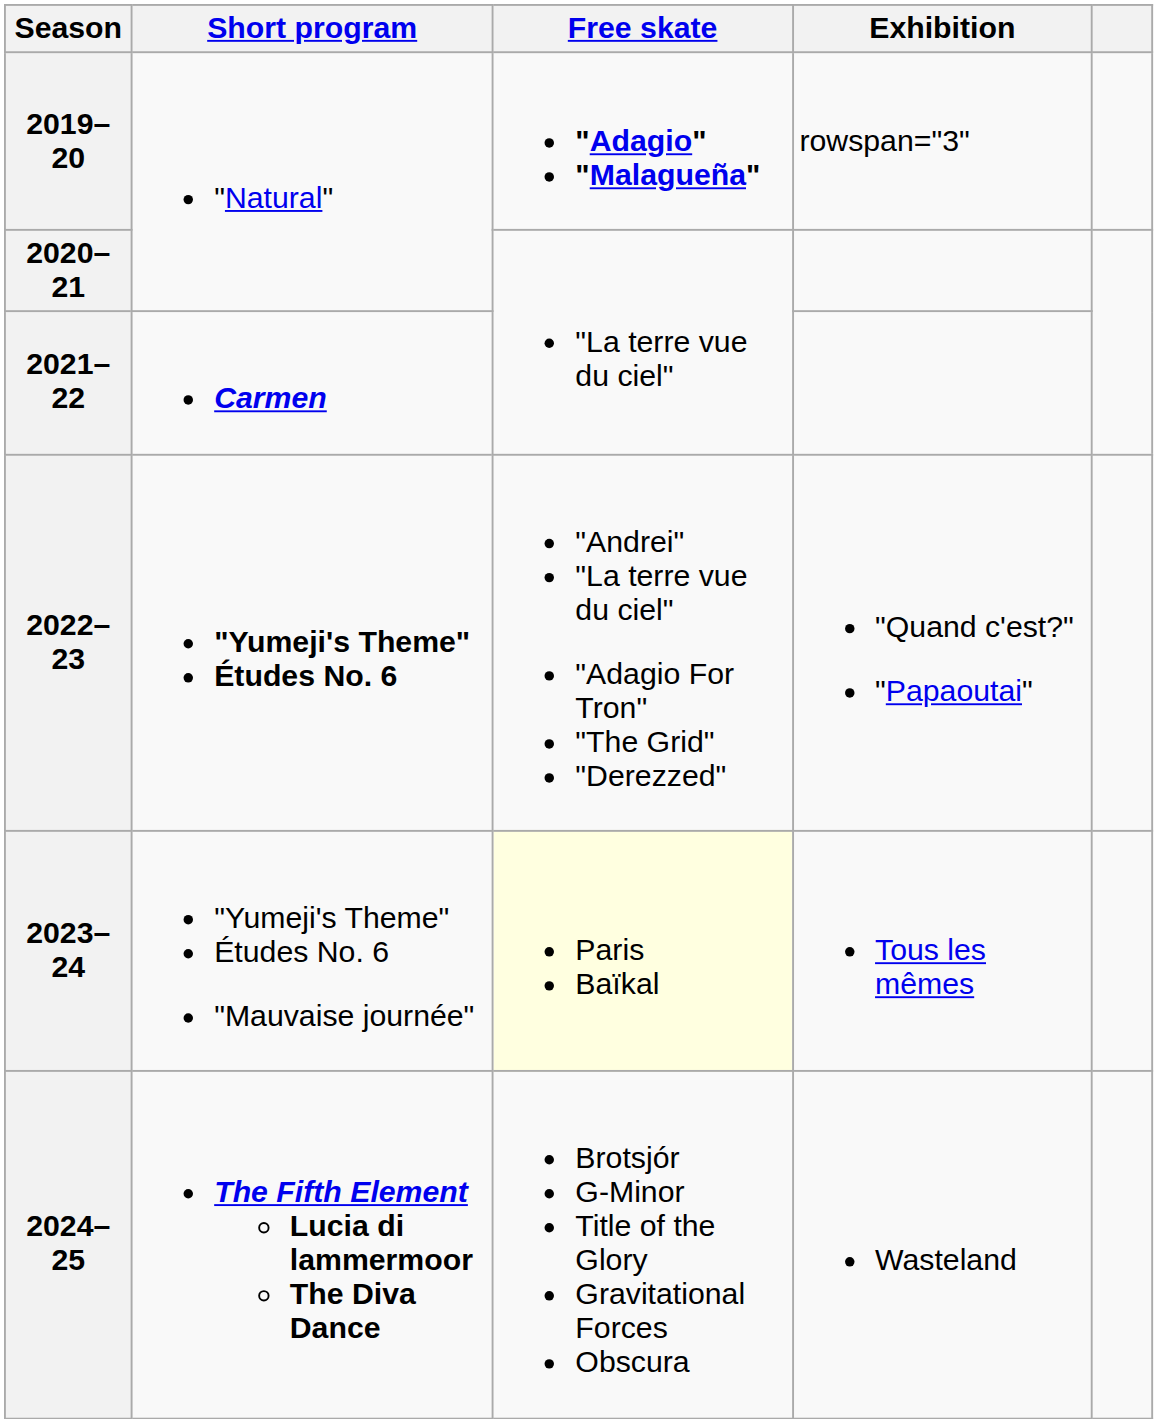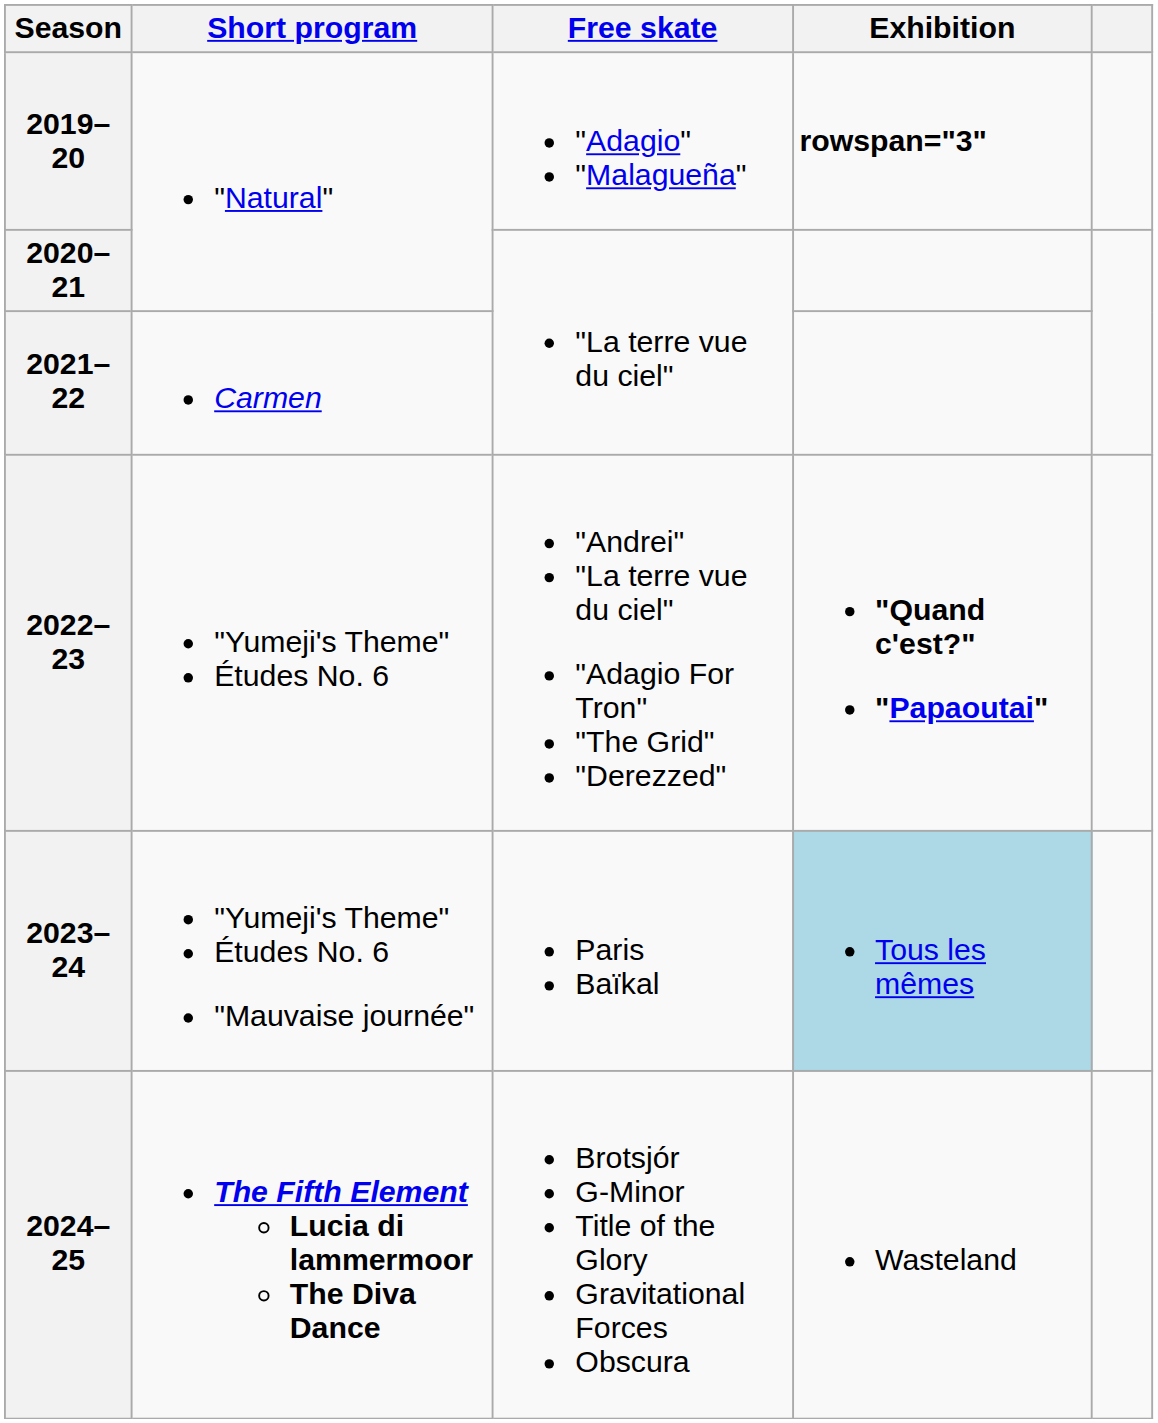 <table class="wikitable unsortable" style="text-align:left">
 <tr>
 <th scope="col" style="text-align:center; width:10%">Season</th>
 <th scope="col" style="text-align:center; width:25%"><a href='#'>Short program</a></th>
 <th scope="col" style="text-align:center; width:25%"><a href='#'>Free skate</a></th>
 <th scope="col" style="text-align:center; width:25%">Exhibition</th>
 <th scope="col" style="text-align:center; width:5%"></th>
 </tr>
 <tr>
 <th scope="row">2019–20</th>
 <td rowspan="2"><br><ul><li>"<a href='#'>Natural</a>"<br></li></ul></td>
-<td><strong><br><ul><li>"<a href='#'>Adagio</a>"<br></li><li>"<a href='#'>Malagueña</a>"<br></li></ul></strong></td>
-<td>rowspan="3" </td>
+<td><br><ul><li>"<a href='#'>Adagio</a>"<br></li><li>"<a href='#'>Malagueña</a>"<br></li></ul></td>
+<td><strong>rowspan="3" </strong></td>
 <td></td>
 </tr>
 <tr>
 <th scope="row">2020–21</th>
 <td rowspan="2"><br><ul><li>"La terre vue du ciel"<br></li></ul></td>
 <td></td>
 </tr>
 <tr>
 <th scope="row">2021–22</th>
-<td><strong><br><ul><li><em><a href='#'>Carmen</a></em><br></li></ul></strong></td>
+<td><br><ul><li><em><a href='#'>Carmen</a></em><br></li></ul></td>
 <td></td>
 </tr>
 <tr>
 <th scope="row">2022–23</th>
-<td><strong><br><ul><li>"Yumeji's Theme"<br></li><li>Études No. 6<br></li></ul></strong></td>
+<td><br><ul><li>"Yumeji's Theme"<br></li><li>Études No. 6<br></li></ul></td>
 <td><br><ul><li>"Andrei"</li><li>"La terre vue du ciel"<br></li></ul><ul><li>"Adagio For Tron"</li><li>"The Grid"</li><li>"Derezzed"<br></li></ul></td>
-<td><br><ul><li>"Quand c'est?"<br></li></ul><ul><li>"<a href='#'>Papaoutai</a>"<br></li></ul></td>
+<td><strong><br><ul><li>"Quand c'est?"<br></li></ul><ul><li>"<a href='#'>Papaoutai</a>"<br></li></ul></strong></td>
 <td></td>
 </tr>
 <tr>
 <th scope="row">2023–24</th>
 <td><br><ul><li>"Yumeji's Theme"<br></li><li>Études No. 6<br></li></ul><ul><li>"Mauvaise journée"<br></li></ul></td>
-<td style="background: lightyellow;"><br><ul><li>Paris<br></li><li>Baïkal<br></li></ul></td>
-<td><br><ul><li><a href='#'>Tous les mêmes</a><br></li></ul></td>
+<td><br><ul><li>Paris<br></li><li>Baïkal<br></li></ul></td>
+<td style="background: lightblue;"><br><ul><li><a href='#'>Tous les mêmes</a><br></li></ul></td>
 <td></td>
 </tr>
 <tr>
 <th scope="row">2024–25</th>
 <td><strong><br><ul><li><em><a href='#'>The Fifth Element</a></em><ul><li>Lucia di lammermoor</li><li>The Diva Dance <br></li></ul></li></ul></strong></td>
 <td><br><ul><li>Brotsjór <br></li><li>G-Minor <br></li><li>Title of the Glory <br></li><li>Gravitational Forces <br></li><li>Obscura <br></li></ul></td>
 <td><br><ul><li>Wasteland <br> </li></ul></td>
 <td></td>
 </tr>
 </table>
